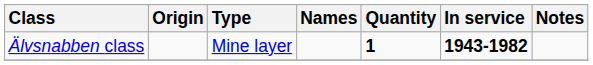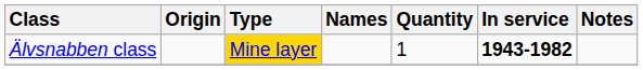 <table class="wikitable">
 <tr>
 <th style="text-align:left">Class</th>
 <th style="text-align:left">Origin</th>
 <th style="text-align:left">Type</th>
 <th style="text-align:left">Names</th>
 <th style="text-align:left">Quantity</th>
 <th style="text-align:left">In service</th>
 <th style="text-align:left">Notes</th>
 </tr>
 <tr>
 <td><a href='#'><em> Älvsnabben </em> class</a></td>
 <td></td>
-<td><a href='#'>Mine layer</a></td>
+<td style="background: gold;"><a href='#'>Mine layer</a></td>
 <td></td>
-<td><strong>1</strong></td>
+<td>1</td>
 <td><strong>1943-1982</strong></td>
 <td></td>
 </tr>
 <tr>
 </tr>
 <tr>
 </tr>
 <tr>
 </tr>
 <tr>
 </tr>
 </table>
